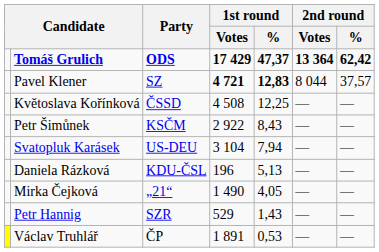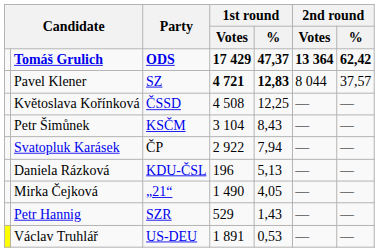 <table class="wikitable sortable">
 <tr>
 <th colspan="2" rowspan="2">Candidate</th>
 <th rowspan="2">Party</th>
 <th colspan="2">1st round</th>
 <th colspan="2">2nd round</th>
 </tr>
 <tr>
 <th>Votes</th>
 <th>%</th>
 <th>Votes</th>
 <th>%</th>
 </tr>
 <tr>
 <td style="background-color:"></td>
 <td><strong><a href='#'>Tomáš Grulich</a></strong></td>
 <td><a href='#'><strong>ODS</strong></a></td>
 <td><strong>17 429</strong></td>
 <td><strong>47,37</strong></td>
 <td><strong>13 364</strong></td>
 <td><strong>62,42</strong></td>
 </tr>
 <tr>
 <td style="background-color:"></td>
 <td>Pavel Klener</td>
 <td><a href='#'>SZ</a></td>
 <td><strong>4 721</strong></td>
 <td><strong>12,83</strong></td>
 <td>8 044</td>
 <td>37,57</td>
 </tr>
 <tr>
 <td style="background-color:"></td>
 <td>Květoslava Kořínková</td>
 <td><a href='#'>ČSSD</a></td>
 <td>4 508</td>
 <td>12,25</td>
 <td>—</td>
 <td>—</td>
 </tr>
 <tr>
 <td style="background-color:"></td>
 <td>Petr Šimůnek</td>
 <td><a href='#'>KSČM</a></td>
-<td>2 922</td>
+<td>3 104</td>
 <td>8,43</td>
 <td>—</td>
 <td>—</td>
 </tr>
 <tr>
 <td style="background-color:"></td>
 <td><a href='#'>Svatopluk Karásek</a></td>
-<td><a href='#'>US-DEU</a></td>
-<td>3 104</td>
+<td>ČP</td>
+<td>2 922</td>
 <td>7,94</td>
 <td>—</td>
 <td>—</td>
 </tr>
 <tr>
 <td style="background-color:"></td>
 <td>Daniela Rázková</td>
 <td><a href='#'>KDU-ČSL</a></td>
 <td>196</td>
 <td>5,13</td>
 <td>—</td>
 <td>—</td>
 </tr>
 <tr>
 <td style="background-color:"></td>
 <td>Mirka Čejková</td>
 <td><a href='#'>„21“</a></td>
 <td>1 490</td>
 <td>4,05</td>
 <td>—</td>
 <td>—</td>
 </tr>
 <tr>
 <td style="background-color:"></td>
 <td><a href='#'>Petr Hannig</a></td>
 <td><a href='#'>SZR</a></td>
 <td>529</td>
 <td>1,43</td>
 <td>—</td>
 <td>—</td>
 </tr>
 <tr>
 <td style="background-color:yellow"></td>
 <td>Václav Truhlář</td>
-<td>ČP</td>
+<td><a href='#'>US-DEU</a></td>
 <td>1 891</td>
 <td>0,53</td>
 <td>—</td>
 <td>—</td>
 </tr>
 </table>
